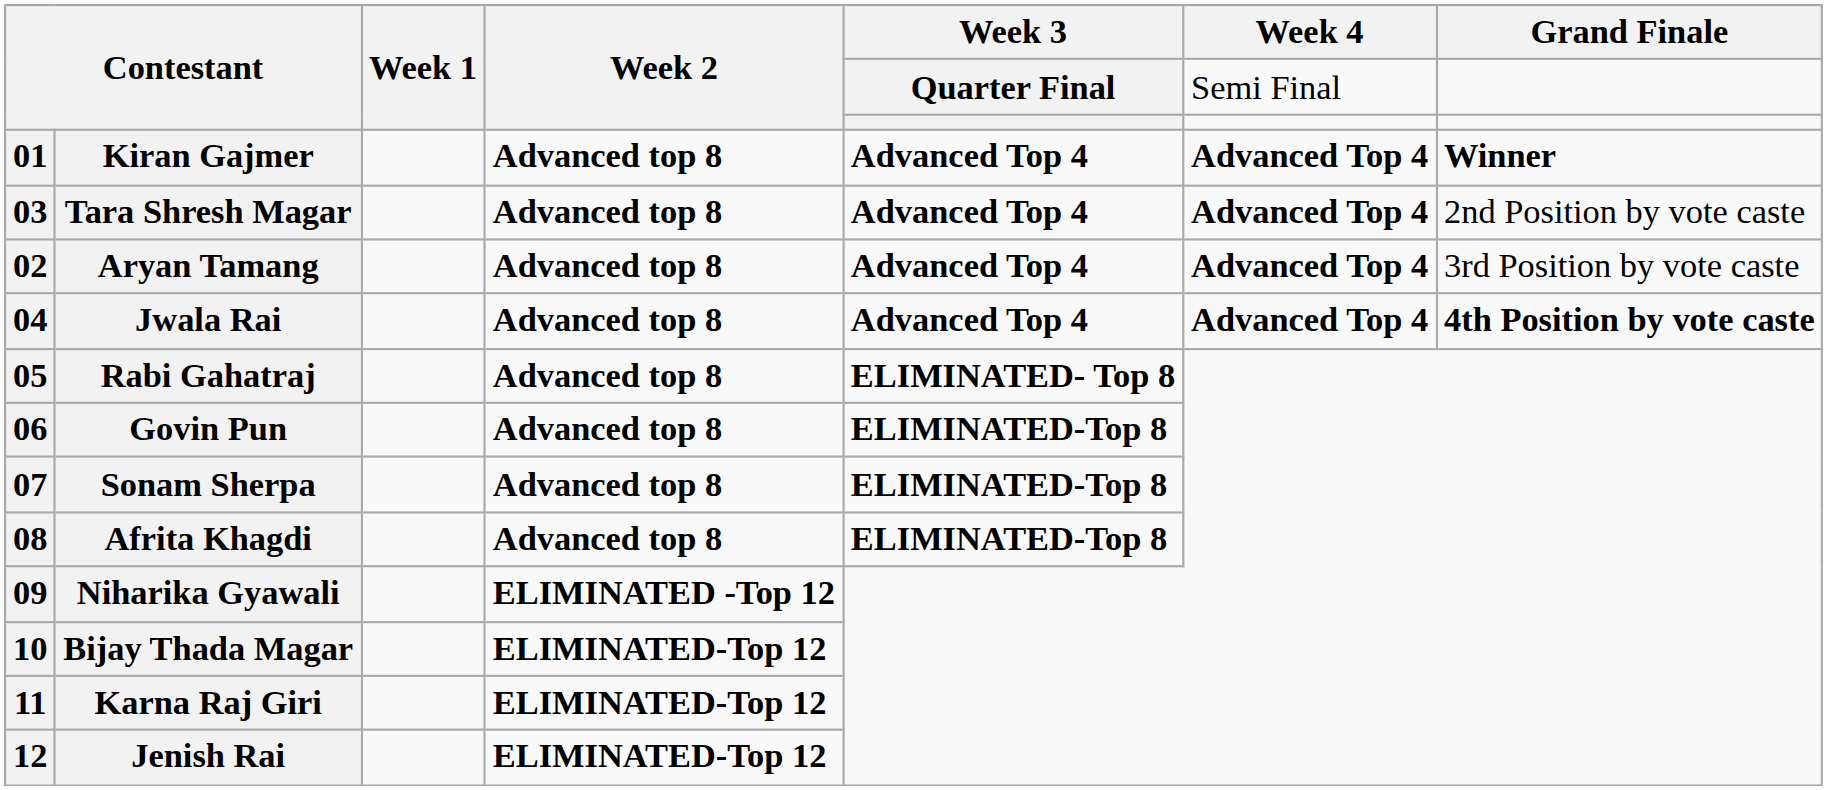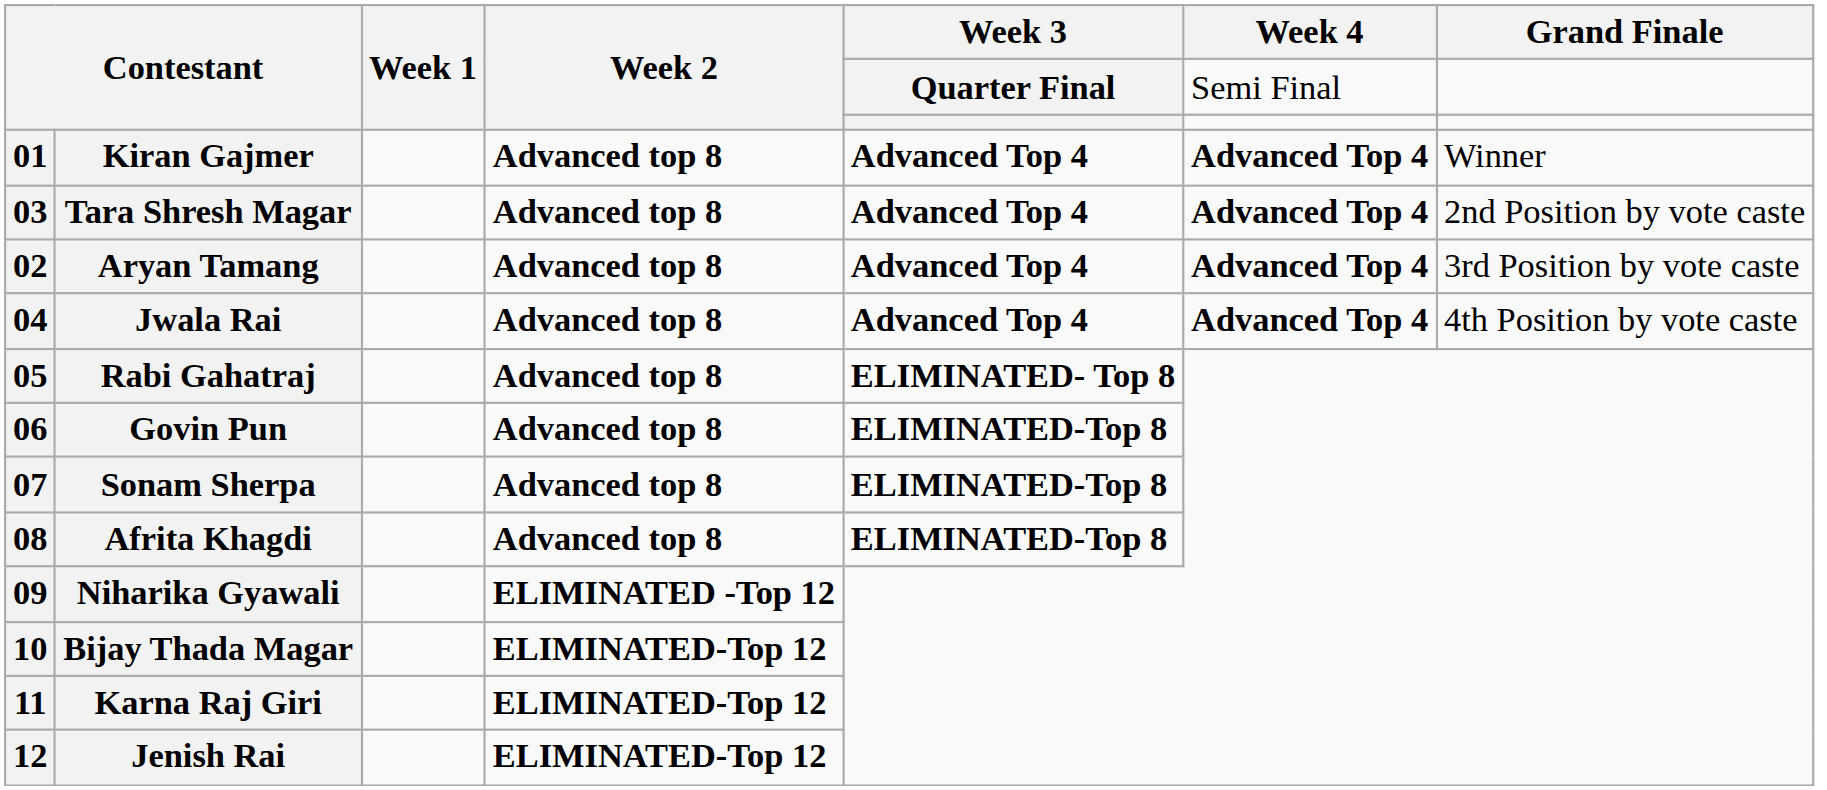 <table class="wikitable">
 <tr>
 <th colspan="2" rowspan="3">Contestant</th>
 <th rowspan="3">Week 1</th>
 <th rowspan="3">Week 2</th>
 <th>Week 3</th>
 <th>Week 4</th>
 <th>Grand Finale</th>
 </tr>
 <tr>
 <th>Quarter Final</th>
 <td>Semi Final</td>
 <td></td>
 </tr>
 <tr>
 <th></th>
 <td></td>
 <td></td>
 </tr>
 <tr>
 <th>01</th>
 <th>Kiran Gajmer</th>
 <td></td>
 <td><strong>Advanced top 8</strong></td>
 <td><strong>Advanced Top 4</strong></td>
 <td><strong>Advanced Top 4</strong></td>
-<td><strong>Winner</strong></td>
+<td>Winner</td>
 </tr>
 <tr>
 <th>03</th>
 <th>Tara Shresh Magar</th>
 <td></td>
 <td><strong>Advanced top 8</strong></td>
 <td><strong>Advanced Top 4</strong></td>
 <td><strong>Advanced Top 4</strong></td>
 <td>2nd Position by vote caste</td>
 </tr>
 <tr>
 <th>02</th>
 <th>Aryan Tamang</th>
 <td></td>
 <td><strong>Advanced top 8</strong></td>
 <td><strong>Advanced Top 4</strong></td>
 <td><strong>Advanced Top 4</strong></td>
 <td>3rd Position by vote caste</td>
 </tr>
 <tr>
 <th>04</th>
 <th>Jwala Rai</th>
 <td></td>
 <td><strong>Advanced top 8</strong></td>
 <td><strong>Advanced Top 4</strong></td>
 <td><strong>Advanced Top 4</strong></td>
-<td><strong>4th Position by vote caste</strong></td>
+<td>4th Position by vote caste</td>
 </tr>
 <tr>
 <th>05</th>
 <th>Rabi Gahatraj</th>
 <td></td>
 <td><strong>Advanced top 8</strong></td>
 <td><strong>ELIMINATED- Top 8</strong></td>
 </tr>
 <tr>
 <th>06</th>
 <th>Govin Pun</th>
 <td></td>
 <td><strong>Advanced top 8</strong></td>
 <td><strong>ELIMINATED-Top 8</strong></td>
 </tr>
 <tr>
 <th>07</th>
 <th>Sonam Sherpa</th>
 <td></td>
 <td><strong>Advanced top 8</strong></td>
 <td><strong>ELIMINATED-Top 8</strong></td>
 </tr>
 <tr>
 <th>08</th>
 <th>Afrita Khagdi</th>
 <td></td>
 <td><strong>Advanced top 8</strong></td>
 <td><strong>ELIMINATED-Top 8</strong></td>
 </tr>
 <tr>
 <th>09</th>
 <th>Niharika Gyawali</th>
 <td></td>
 <td><strong>ELIMINATED -Top 12</strong></td>
 </tr>
 <tr>
 <th>10</th>
 <th>Bijay Thada Magar</th>
 <td></td>
 <td><strong>ELIMINATED-Top 12</strong></td>
 </tr>
 <tr>
 <th>11</th>
 <th>Karna Raj Giri</th>
 <td></td>
 <td><strong>ELIMINATED-Top 12</strong></td>
 </tr>
 <tr>
 <th>12</th>
 <th>Jenish Rai</th>
 <td></td>
 <td><strong>ELIMINATED-Top 12</strong></td>
 </tr>
 </table>
